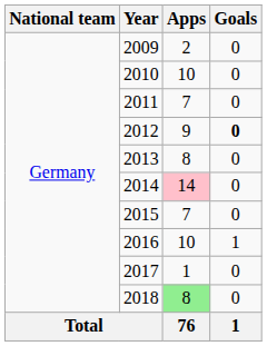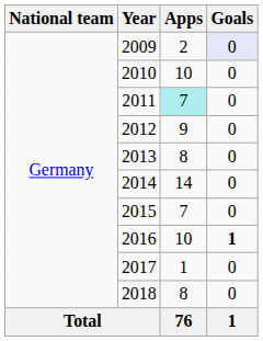 <table class="wikitable" style="text-align:center">
 <tr>
 <th>National team</th>
 <th>Year</th>
 <th>Apps</th>
 <th>Goals</th>
 </tr>
 <tr>
 <td rowspan="10"><a href='#'>Germany</a></td>
 <td>2009</td>
 <td>2</td>
-<td>0</td>
+<td style="background: lavender;">0</td>
 </tr>
 <tr>
 <td>2010</td>
 <td>10</td>
 <td>0</td>
 </tr>
 <tr>
 <td>2011</td>
-<td>7</td>
+<td style="background: paleturquoise;">7</td>
 <td>0</td>
 </tr>
 <tr>
 <td>2012</td>
 <td>9</td>
-<td><strong>0</strong></td>
+<td>0</td>
 </tr>
 <tr>
 <td>2013</td>
 <td>8</td>
 <td>0</td>
 </tr>
 <tr>
 <td>2014</td>
-<td style="background: pink;">14</td>
+<td>14</td>
 <td>0</td>
 </tr>
 <tr>
 <td>2015</td>
 <td>7</td>
 <td>0</td>
 </tr>
 <tr>
 <td>2016</td>
 <td>10</td>
-<td>1</td>
+<td><strong>1</strong></td>
 </tr>
 <tr>
 <td>2017</td>
 <td>1</td>
 <td>0</td>
 </tr>
 <tr>
 <td>2018</td>
-<td style="background: lightgreen;">8</td>
+<td>8</td>
 <td>0</td>
 </tr>
 <tr>
 <th colspan="2">Total</th>
 <th>76</th>
 <th>1</th>
 </tr>
 </table>
